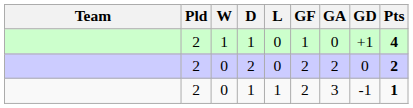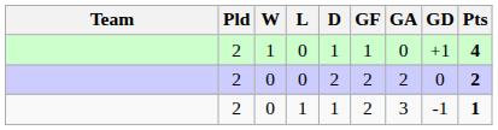 <table class="wikitable" style="text-align: center;">
 <tr>
 <th width=175>Team</th>
 <th width=20 abbr="Played">Pld</th>
 <th width=20 abbr="Won">W</th>
+<th width=20 abbr="Lost">L</th>
 <th width=20 abbr="Drawn">D</th>
-<th width=20 abbr="Lost">L</th>
 <th width=20 abbr="Goals for">GF</th>
 <th width=20 abbr="Goals against">GA</th>
 <th width=20 abbr="Goal difference">GD</th>
 <th width=20 abbr="Points">Pts</th>
 </tr>
 <tr bgcolor=#ccffcc>
 <td align=left></td>
 <td>2</td>
 <td>1</td>
+<td>0</td>
 <td>1</td>
-<td>0</td>
 <td>1</td>
 <td>0</td>
 <td>+1</td>
 <td><strong>4</strong></td>
 </tr>
 <tr bgcolor=#ccccff>
 <td align=left></td>
 <td>2</td>
 <td>0</td>
+<td>0</td>
 <td>2</td>
-<td>0</td>
 <td>2</td>
 <td>2</td>
 <td>0</td>
 <td><strong>2</strong></td>
 </tr>
 <tr>
 <td align=left></td>
 <td>2</td>
 <td>0</td>
 <td>1</td>
 <td>1</td>
 <td>2</td>
 <td>3</td>
 <td>-1</td>
 <td><strong>1</strong></td>
 </tr>
 </table>
